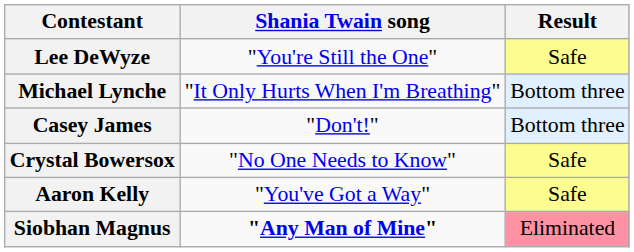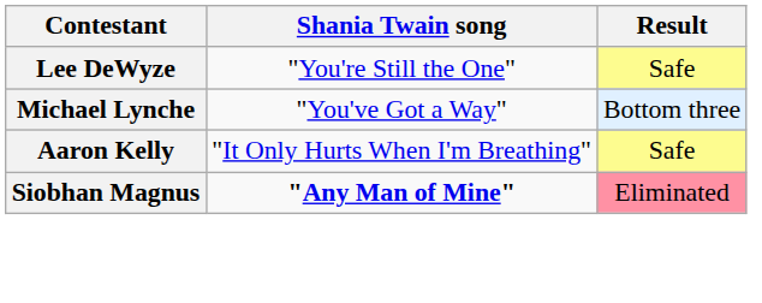 <table class="wikitable unsortable" style="text-align:center;">
 <tr>
 <th scope="col">Contestant</th>
 <th scope="col"><a href='#'>Shania Twain</a> song</th>
 <th scope="col">Result</th>
 </tr>
 <tr>
 <th scope="row">Lee DeWyze</th>
 <td>"<a href='#'>You're Still the One</a>"</td>
 <td style="background:#FDFC8F">Safe</td>
 </tr>
 <tr>
 <th scope="row">Michael Lynche</th>
-<td>"<a href='#'>It Only Hurts When I'm Breathing</a>"</td>
+<td>"<a href='#'>You've Got a Way</a>"</td>
 <td bgcolor="E0F0FF">Bottom three</td>
 </tr>
 <tr>
-<th scope="row">Casey James</th>
-<td>"<a href='#'>Don't!</a>"</td>
-<td bgcolor="E0F0FF">Bottom three</td>
-</tr>
-<tr>
-<th scope="row">Crystal Bowersox</th>
-<td>"<a href='#'>No One Needs to Know</a>"</td>
-<td style="background:#FDFC8F">Safe</td>
-</tr>
-<tr>
 <th scope="row">Aaron Kelly</th>
-<td>"<a href='#'>You've Got a Way</a>"</td>
+<td>"<a href='#'>It Only Hurts When I'm Breathing</a>"</td>
 <td style="background:#FDFC8F">Safe</td>
 </tr>
 <tr>
 <th scope="row">Siobhan Magnus</th>
 <td><strong>"<a href='#'>Any Man of Mine</a>"</strong></td>
 <td bgcolor="FF91A4">Eliminated</td>
 </tr>
 </table>
